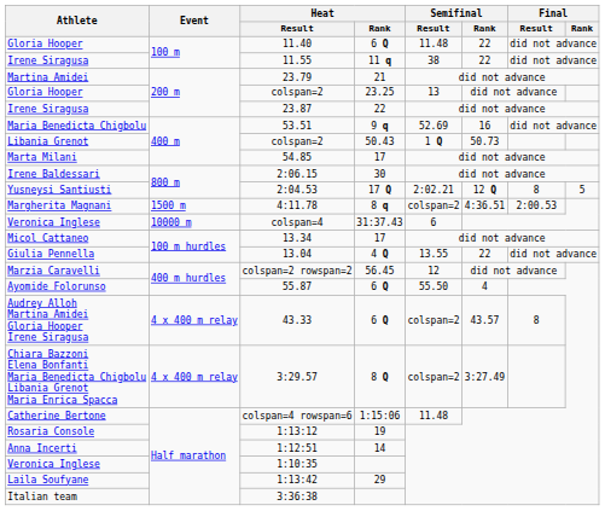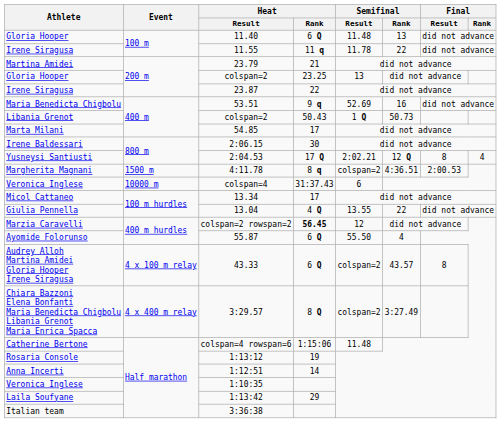 <table class="wikitable" style="font-size:90%">
 <tr>
 <th rowspan=2>Athlete</th>
 <th rowspan=2>Event</th>
 <th colspan=2>Heat</th>
 <th colspan=2>Semifinal</th>
 <th colspan=2>Final</th>
 </tr>
 <tr style="font-size:95%">
 <th>Result</th>
 <th>Rank</th>
 <th>Result</th>
 <th>Rank</th>
 <th>Result</th>
 <th>Rank</th>
 </tr>
 <tr align=center>
 <td align=left><a href='#'>Gloria Hooper</a></td>
 <td style="text-align:left;" rowspan=2><a href='#'>100 m</a></td>
 <td>11.40</td>
 <td>6 <strong>Q</strong></td>
 <td>11.48</td>
-<td>22</td>
+<td>13</td>
 <td colspan=2>did not advance</td>
 </tr>
 <tr align=center>
 <td align=left><a href='#'>Irene Siragusa</a></td>
 <td>11.55</td>
 <td>11 <strong>q</strong></td>
-<td>38</td>
+<td>11.78</td>
 <td>22</td>
 <td colspan=2>did not advance</td>
 </tr>
 <tr align=center>
 <td align=left><a href='#'>Martina Amidei</a></td>
 <td style="text-align:left;" rowspan=3><a href='#'>200 m</a></td>
 <td>23.79</td>
 <td>21</td>
 <td colspan=4>did not advance</td>
 </tr>
 <tr align=center>
 <td align=left><a href='#'>Gloria Hooper</a></td>
 <td>colspan=2 </td>
 <td>23.25</td>
 <td>13</td>
 <td colspan=2>did not advance</td>
 </tr>
 <tr align=center>
 <td align=left><a href='#'>Irene Siragusa</a></td>
 <td>23.87</td>
 <td>22</td>
 <td colspan=4>did not advance</td>
 </tr>
 <tr align=center>
 <td align=left><a href='#'>Maria Benedicta Chigbolu</a></td>
 <td style="text-align:left;" rowspan=3><a href='#'>400 m</a></td>
 <td>53.51</td>
 <td>9 <strong>q</strong></td>
 <td>52.69</td>
 <td>16</td>
 <td colspan=2>did not advance</td>
 </tr>
 <tr align=center>
 <td align=left><a href='#'>Libania Grenot</a></td>
 <td>colspan=2 </td>
 <td>50.43 <strong></strong></td>
 <td>1 <strong>Q</strong></td>
 <td>50.73</td>
 <td></td>
 </tr>
 <tr align=center>
 <td align=left><a href='#'>Marta Milani</a></td>
 <td>54.85</td>
 <td>17</td>
 <td colspan=4>did not advance</td>
 </tr>
 <tr align=center>
 <td align=left><a href='#'>Irene Baldessari</a></td>
 <td style="text-align:left;" rowspan=2><a href='#'>800 m</a></td>
 <td>2:06.15</td>
 <td>30</td>
 <td colspan=4>did not advance</td>
 </tr>
 <tr align=center>
 <td align=left><a href='#'>Yusneysi Santiusti</a></td>
 <td>2:04.53</td>
 <td>17 <strong>Q</strong></td>
 <td>2:02.21</td>
 <td>12 <strong>Q</strong></td>
 <td>8</td>
-<td>5</td>
+<td>4</td>
 </tr>
 <tr align=center>
 <td align=left><a href='#'>Margherita Magnani</a></td>
 <td style="text-align:left;"><a href='#'>1500 m</a></td>
 <td>4:11.78</td>
 <td>8 <strong>q</strong></td>
 <td>colspan=2 </td>
 <td>4:36.51</td>
 <td>2:00.53</td>
 </tr>
 <tr align=center>
 <td align=left><a href='#'>Veronica Inglese</a></td>
 <td style="text-align:left;"><a href='#'>10000 m</a></td>
 <td>colspan=4 </td>
 <td>31:37.43 <strong></strong></td>
 <td>6</td>
 </tr>
 <tr align=center>
 <td align=left><a href='#'>Micol Cattaneo</a></td>
 <td style="text-align:left;" rowspan=2><a href='#'>100 m hurdles</a></td>
 <td>13.34</td>
 <td>17</td>
 <td colspan=4>did not advance</td>
 </tr>
 <tr align=center>
 <td align=left><a href='#'>Giulia Pennella</a></td>
 <td>13.04 <strong></strong></td>
 <td>4 <strong>Q</strong></td>
 <td>13.55</td>
 <td>22</td>
 <td colspan=2>did not advance</td>
 </tr>
 <tr align=center>
 <td align=left><a href='#'>Marzia Caravelli</a></td>
 <td style="text-align:left;" rowspan=2><a href='#'>400 m hurdles</a></td>
 <td>colspan=2 rowspan=2 </td>
-<td>56.45</td>
+<td><strong>56.45</strong></td>
 <td>12</td>
 <td colspan=2>did not advance</td>
 </tr>
 <tr align=center>
 <td align=left><a href='#'>Ayomide Folorunso</a></td>
 <td>55.87</td>
 <td>6 <strong>Q</strong></td>
 <td>55.50 <strong></strong></td>
 <td>4</td>
 </tr>
 <tr align=center>
 <td align=left><a href='#'>Audrey Alloh</a><br><a href='#'>Martina Amidei</a><br><a href='#'>Gloria Hooper</a><br><a href='#'>Irene Siragusa</a></td>
-<td style="text-align:left;"><a href='#'>4 x 400 m relay</a></td>
+<td style="text-align:left;"><a href='#'>4 x 100 m relay</a></td>
 <td>43.33</td>
 <td>6 <strong>Q</strong></td>
 <td>colspan=2 </td>
 <td>43.57</td>
 <td>8</td>
 </tr>
 <tr align=center>
 <td align=left><a href='#'>Chiara Bazzoni</a><br><a href='#'>Elena Bonfanti</a> <br><a href='#'>Maria Benedicta Chigbolu</a><br><a href='#'>Libania Grenot</a> <br><a href='#'>Maria Enrica Spacca</a></td>
 <td style="text-align:left;"><a href='#'>4 x 400 m relay</a></td>
 <td>3:29.57 <strong></strong></td>
 <td>8 <strong>Q</strong></td>
 <td>colspan=2 </td>
 <td>3:27.49 <strong></strong></td>
 <td></td>
 </tr>
 <tr align=center>
 <td align=left><a href='#'>Catherine Bertone</a></td>
 <td style="text-align:left;" rowspan=6><a href='#'>Half marathon</a></td>
 <td>colspan=4 rowspan=6 </td>
 <td>1:15:06</td>
 <td>11.48</td>
 </tr>
 <tr align=center>
 <td align=left><a href='#'>Rosaria Console</a></td>
 <td>1:13:12</td>
 <td>19</td>
 </tr>
 <tr align=center>
 <td align=left><a href='#'>Anna Incerti</a></td>
 <td>1:12:51 <strong></strong></td>
 <td>14</td>
 </tr>
 <tr align=center>
 <td align=left><a href='#'>Veronica Inglese</a></td>
 <td>1:10:35 <strong></strong></td>
 <td></td>
 </tr>
 <tr align=center>
 <td align=left><a href='#'>Laila Soufyane</a></td>
 <td>1:13:42</td>
 <td>29</td>
 </tr>
 <tr align=center>
 <td align=left>Italian team</td>
 <td>3:36:38</td>
 <td></td>
 </tr>
 </table>
